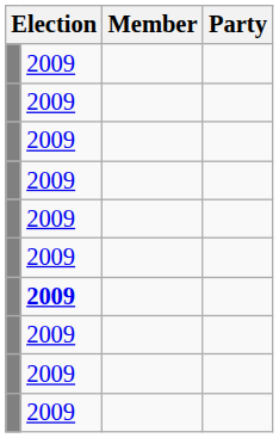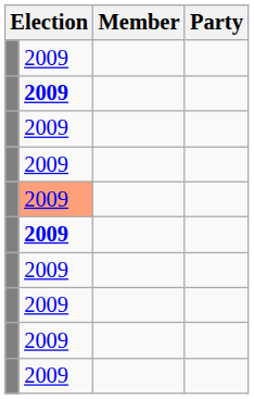 <table class="wikitable">
 <tr>
 <th colspan="2">Election</th>
 <th>Member</th>
 <th>Party</th>
 </tr>
 <tr>
 <td style="background-color: grey"></td>
 <td><a href='#'>2009</a></td>
+<td></td>
+<td></td>
+</tr>
+<tr>
+<td style="background-color: grey"></td>
+<td><strong><a href='#'>2009</a></strong></td>
+<td></td>
+<td></td>
+</tr>
+<tr>
+<td style="background-color: grey"></td>
+<td><a href='#'>2009</a></td>
+<td></td>
+<td></td>
+</tr>
+<tr>
+<td style="background-color: grey"></td>
+<td><a href='#'>2009</a></td>
+<td></td>
+<td></td>
+</tr>
+<tr>
+<td style="background-color: grey"></td>
+<td style="background: lightsalmon;"><a href='#'>2009</a></td>
+<td></td>
+<td></td>
+</tr>
+<tr>
+<td style="background-color: grey"></td>
+<td><strong><a href='#'>2009</a></strong></td>
 <td></td>
 <td></td>
 </tr>
 <tr>
 <td style="background-color: grey"></td>
 <td><a href='#'>2009</a></td>
 <td></td>
 <td></td>
 </tr>
 <tr>
 <td style="background-color: grey"></td>
 <td><a href='#'>2009</a></td>
 <td></td>
 <td></td>
 </tr>
 <tr>
 <td style="background-color: grey"></td>
 <td><a href='#'>2009</a></td>
 <td></td>
 <td></td>
 </tr>
 <tr>
 <td style="background-color: grey"></td>
 <td><a href='#'>2009</a></td>
 <td></td>
 <td></td>
 </tr>
-<tr>
-<td style="background-color: grey"></td>
-<td><a href='#'>2009</a></td>
-<td></td>
-<td></td>
-</tr>
-<tr>
-<td style="background-color: grey"></td>
-<td><strong><a href='#'>2009</a></strong></td>
-<td></td>
-<td></td>
-</tr>
-<tr>
-<td style="background-color: grey"></td>
-<td><a href='#'>2009</a></td>
-<td></td>
-<td></td>
-</tr>
-<tr>
-<td style="background-color: grey"></td>
-<td><a href='#'>2009</a></td>
-<td></td>
-<td></td>
-</tr>
-<tr>
-<td style="background-color: grey"></td>
-<td><a href='#'>2009</a></td>
-<td></td>
-<td></td>
-</tr>
 </table>
